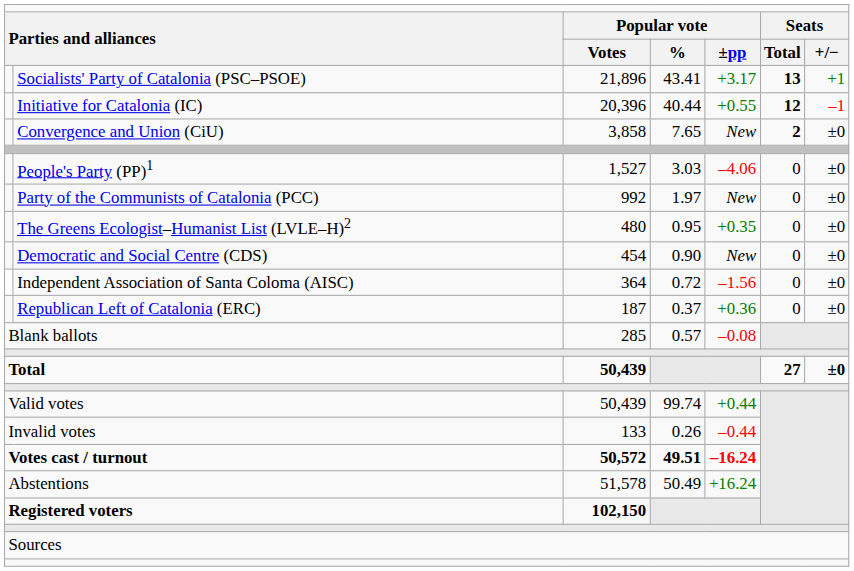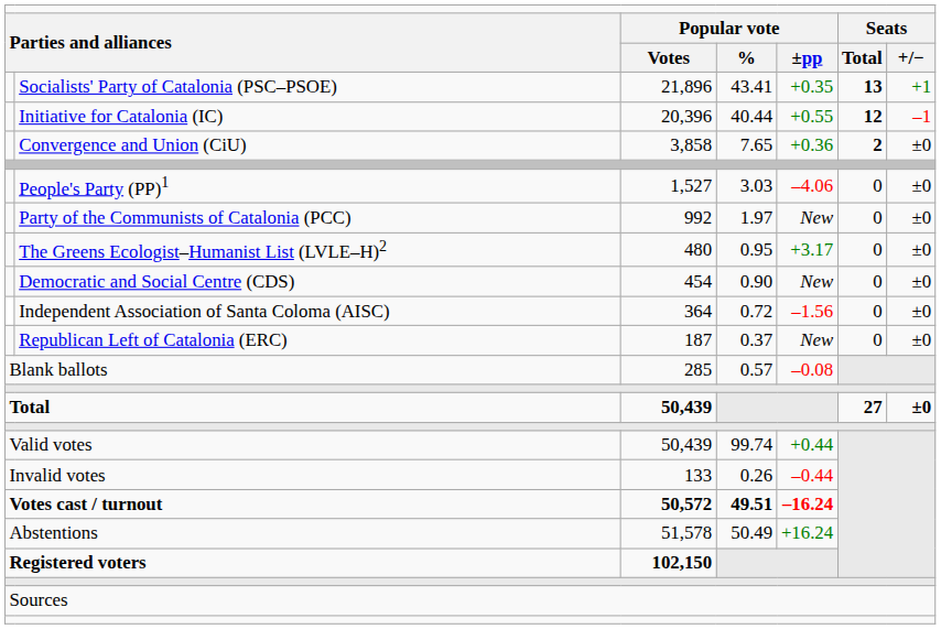 <table class="wikitable" style="text-align:right;">
 <tr>
 <td colspan="7"></td>
 </tr>
 <tr>
 <th style="text-align:left;" rowspan="2" colspan="2" width="525">Parties and alliances</th>
 <th colspan="3">Popular vote</th>
 <th colspan="2">Seats</th>
 </tr>
 <tr>
 <th width="75">Votes</th>
 <th width="45">%</th>
 <th width="45">±<a href='#'>pp</a></th>
 <th width="35">Total</th>
 <th width="35">+/−</th>
 </tr>
 <tr>
 <td width="1" style="color:inherit;background:"></td>
 <td align="left"><a href='#'>Socialists' Party of Catalonia</a> (PSC–PSOE)</td>
 <td>21,896</td>
 <td>43.41</td>
-<td style="color:green;">+3.17</td>
+<td style="color:green;">+0.35</td>
 <td><strong>13</strong></td>
 <td style="color:green;">+1</td>
 </tr>
 <tr>
 <td style="color:inherit;background:"></td>
 <td align="left"><a href='#'>Initiative for Catalonia</a> (IC)</td>
 <td>20,396</td>
 <td>40.44</td>
 <td style="color:green;">+0.55</td>
 <td><strong>12</strong></td>
 <td style="color:red;">–1</td>
 </tr>
 <tr>
 <td style="color:inherit;background:"></td>
 <td align="left"><a href='#'>Convergence and Union</a> (CiU)</td>
 <td>3,858</td>
 <td>7.65</td>
-<td><em>New</em></td>
+<td style="color:green;">+0.36</td>
 <td><strong>2</strong></td>
 <td>±0</td>
 </tr>
 <tr>
 <td colspan="7" style="color:inherit;background:#C0C0C0"></td>
 </tr>
 <tr>
 <td style="color:inherit;background:"></td>
 <td align="left"><a href='#'>People's Party</a> (PP)<sup>1</sup></td>
 <td>1,527</td>
 <td>3.03</td>
 <td style="color:red;">–4.06</td>
 <td>0</td>
 <td>±0</td>
 </tr>
 <tr>
 <td style="color:inherit;background:"></td>
 <td align="left"><a href='#'>Party of the Communists of Catalonia</a> (PCC)</td>
 <td>992</td>
 <td>1.97</td>
 <td><em>New</em></td>
 <td>0</td>
 <td>±0</td>
 </tr>
 <tr>
 <td style="color:inherit;background:"></td>
 <td align="left"><a href='#'>The Greens Ecologist</a>–<a href='#'>Humanist List</a> (LVLE–H)<sup>2</sup></td>
 <td>480</td>
 <td>0.95</td>
-<td style="color:green;">+0.35</td>
+<td style="color:green;">+3.17</td>
 <td>0</td>
 <td>±0</td>
 </tr>
 <tr>
 <td style="color:inherit;background:"></td>
 <td align="left"><a href='#'>Democratic and Social Centre</a> (CDS)</td>
 <td>454</td>
 <td>0.90</td>
 <td><em>New</em></td>
 <td>0</td>
 <td>±0</td>
 </tr>
 <tr>
 <td bgcolor="white"></td>
 <td align="left">Independent Association of Santa Coloma (AISC)</td>
 <td>364</td>
 <td>0.72</td>
 <td style="color:red;">–1.56</td>
 <td>0</td>
 <td>±0</td>
 </tr>
 <tr>
 <td style="color:inherit;background:"></td>
 <td align="left"><a href='#'>Republican Left of Catalonia</a> (ERC)</td>
 <td>187</td>
 <td>0.37</td>
-<td style="color:green;">+0.36</td>
+<td><em>New</em></td>
 <td>0</td>
 <td>±0</td>
 </tr>
 <tr>
 <td align="left" colspan="2">Blank ballots</td>
 <td>285</td>
 <td>0.57</td>
 <td style="color:red;">–0.08</td>
 <td style="color:inherit;background:#E9E9E9" colspan="2"></td>
 </tr>
 <tr>
 <td colspan="7" style="color:inherit;background:#E9E9E9"></td>
 </tr>
 <tr style="font-weight:bold;">
 <td align="left" colspan="2">Total</td>
 <td>50,439</td>
 <td bgcolor="#E9E9E9" colspan="2"></td>
 <td>27</td>
 <td>±0</td>
 </tr>
 <tr>
 <td colspan="7" style="color:inherit;background:#E9E9E9"></td>
 </tr>
 <tr>
 <td align="left" colspan="2">Valid votes</td>
 <td>50,439</td>
 <td>99.74</td>
 <td style="color:green;">+0.44</td>
 <td bgcolor="#E9E9E9" colspan="2" rowspan="5"></td>
 </tr>
 <tr>
 <td align="left" colspan="2">Invalid votes</td>
 <td>133</td>
 <td>0.26</td>
 <td style="color:red;">–0.44</td>
 </tr>
 <tr style="font-weight:bold;">
 <td align="left" colspan="2">Votes cast / turnout</td>
 <td>50,572</td>
 <td>49.51</td>
 <td style="color:red;">–16.24</td>
 </tr>
 <tr>
 <td align="left" colspan="2">Abstentions</td>
 <td>51,578</td>
 <td>50.49</td>
 <td style="color:green;">+16.24</td>
 </tr>
 <tr style="font-weight:bold;">
 <td align="left" colspan="2">Registered voters</td>
 <td>102,150</td>
 <td bgcolor="#E9E9E9" colspan="2"></td>
 </tr>
 <tr>
 <td colspan="7" style="color:inherit;background:#E9E9E9"></td>
 </tr>
 <tr>
 <td align="left" colspan="7">Sources</td>
 </tr>
 <tr>
 <td colspan="7" style="text-align:left; max-width:790px;"></td>
 </tr>
 </table>
